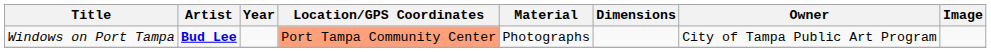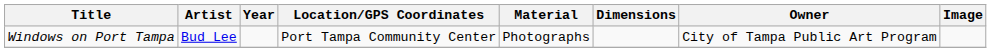 <table class="wikitable sortable">
 <tr>
 <th>Title</th>
 <th>Artist</th>
 <th>Year</th>
 <th>Location/GPS Coordinates</th>
 <th>Material</th>
 <th>Dimensions</th>
 <th>Owner</th>
 <th>Image</th>
 </tr>
 <tr>
 <td><em>Windows on Port Tampa</em></td>
-<td><strong><a href='#'>Bud Lee</a></strong></td>
+<td><a href='#'>Bud Lee</a></td>
 <td></td>
-<td style="background: lightsalmon;">Port Tampa Community Center</td>
+<td>Port Tampa Community Center</td>
 <td>Photographs</td>
 <td></td>
 <td>City of Tampa Public Art Program</td>
 <td></td>
 </tr>
 <tr>
 </tr>
 </table>
